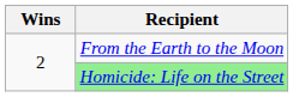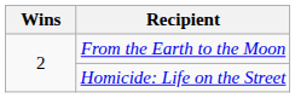 <table class="wikitable sortable" style="text-align: center">
 <tr>
 <th scope="col" style="width:55px;">Wins</th>
 <th scope="col" style="text-align:center;">Recipient</th>
 </tr>
 <tr>
 <td rowspan=2 style="text-align:center">2</td>
 <td><em><a href='#'>From the Earth to the Moon</a></em></td>
 </tr>
 <tr>
-<td style="background: lightgreen;"><em><a href='#'>Homicide: Life on the Street</a></em></td>
+<td><em><a href='#'>Homicide: Life on the Street</a></em></td>
 </tr>
 </table>
